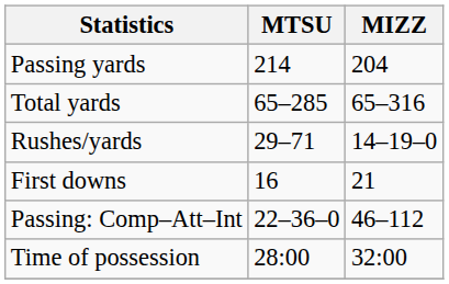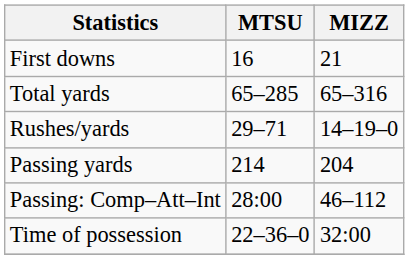 <table class="wikitable" style="float: left;">
 <tr>
 <th>Statistics</th>
 <th>MTSU</th>
 <th>MIZZ</th>
 </tr>
 <tr>
-<td>Passing yards</td>
-<td>214</td>
-<td>204</td>
+<td>First downs</td>
+<td>16</td>
+<td>21</td>
 </tr>
 <tr>
 <td>Total yards</td>
 <td>65–285</td>
 <td>65–316</td>
 </tr>
 <tr>
 <td>Rushes/yards</td>
 <td>29–71</td>
 <td>14–19–0</td>
 </tr>
 <tr>
-<td>First downs</td>
-<td>16</td>
-<td>21</td>
+<td>Passing yards</td>
+<td>214</td>
+<td>204</td>
 </tr>
 <tr>
 <td>Passing: Comp–Att–Int</td>
-<td>22–36–0</td>
+<td>28:00</td>
 <td>46–112</td>
 </tr>
 <tr>
 <td>Time of possession</td>
-<td>28:00</td>
+<td>22–36–0</td>
 <td>32:00</td>
 </tr>
 <tr>
 </tr>
 </table>
